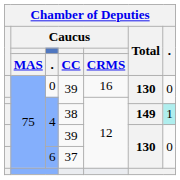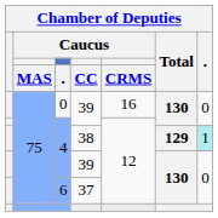 <table class="wikitable" style="font-size: 90%; text-align:center;">
 <tr>
 <th colspan=7><a href='#'>Chamber of Deputies</a></th>
 </tr>
 <tr>
 <th rowspan=3></th>
 <th colspan=4>Caucus<br></th>
 <th rowspan=3>Total</th>
 <th rowspan=3>.</th>
 </tr>
 <tr>
 <th style="background-color:"></th>
 <th style="background-color:#4F77C0;"></th>
 <th style="background-color:"></th>
 <th style="background-color:"></th>
 </tr>
 <tr>
 <th><a href='#'>MAS</a></th>
 <th>.</th>
 <th><a href='#'>CC</a></th>
 <th><a href='#'>CRMS</a></th>
 </tr>
 <tr>
 <th bgcolor="#EAECF0"></th>
 <td style="background-color:#84AFFC;" rowspan=5>75</td>
 <td>0</td>
 <td rowspan=2>39</td>
 <td>16</td>
 <th bgcolor="#EAECF0" rowspan=2>130</th>
 <td rowspan=2>0</td>
 </tr>
 <tr>
 <th bgcolor="#EAECF0"></th>
 <td style="background-color:#84AFFC;" rowspan=3>4</td>
 <td rowspan=4>12</td>
 </tr>
 <tr>
 <th bgcolor="#EAECF0"></th>
 <td>38</td>
-<th bgcolor="#EAECF0">149</th>
+<th bgcolor="#EAECF0">129</th>
 <td style="background: paleturquoise;">1</td>
 </tr>
 <tr>
 <th bgcolor="#EAECF0"></th>
 <td>39</td>
 <th bgcolor="#EAECF0" rowspan=2>130</th>
 <td rowspan=2>0</td>
 </tr>
 <tr>
 <th bgcolor="#EAECF0"></th>
 <td style="background-color:#84AFFC;">6</td>
 <td>37</td>
 </tr>
 <tr>
 <th bgcolor="#EAECF0"></th>
 <td style="background-color:#84AFFC;" colspan=2><strong></strong></td>
 <td bgcolor="#EAECF0"></td>
 <td bgcolor="#EAECF0"></td>
 <th bgcolor="#EAECF0" colspan=2></th>
 </tr>
 </table>
